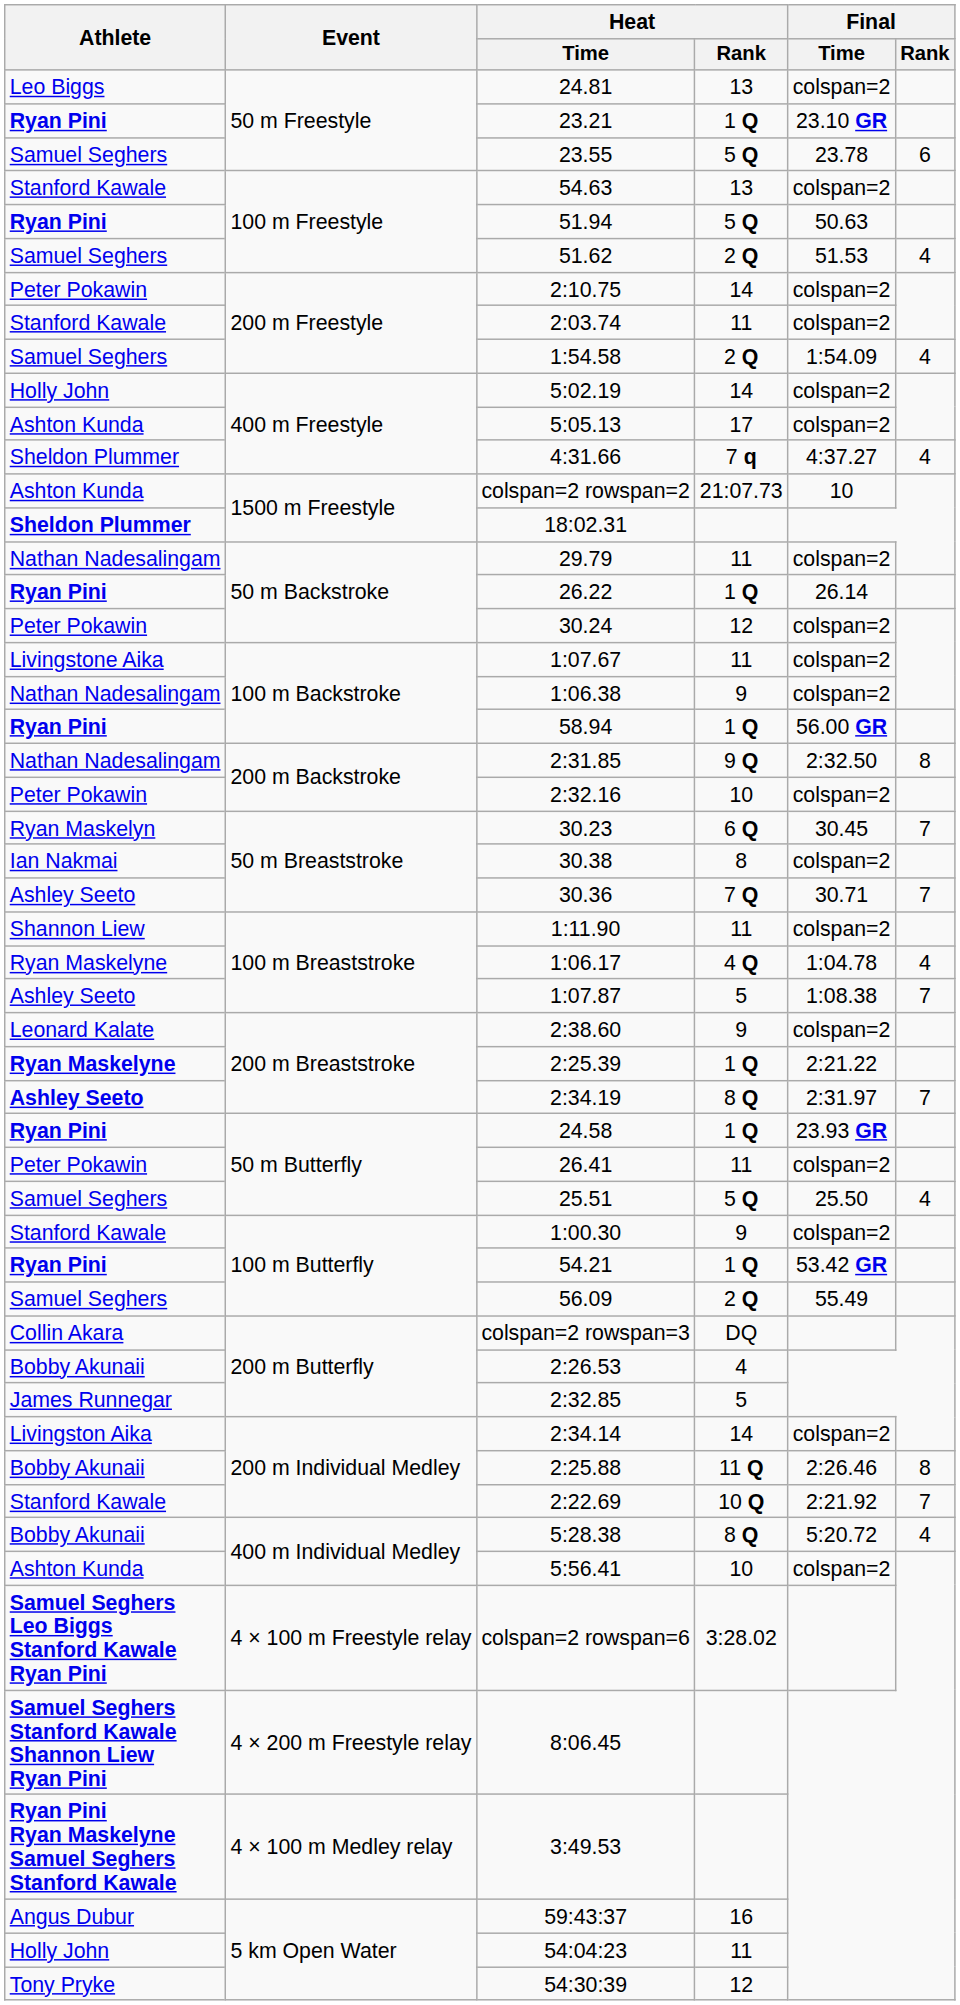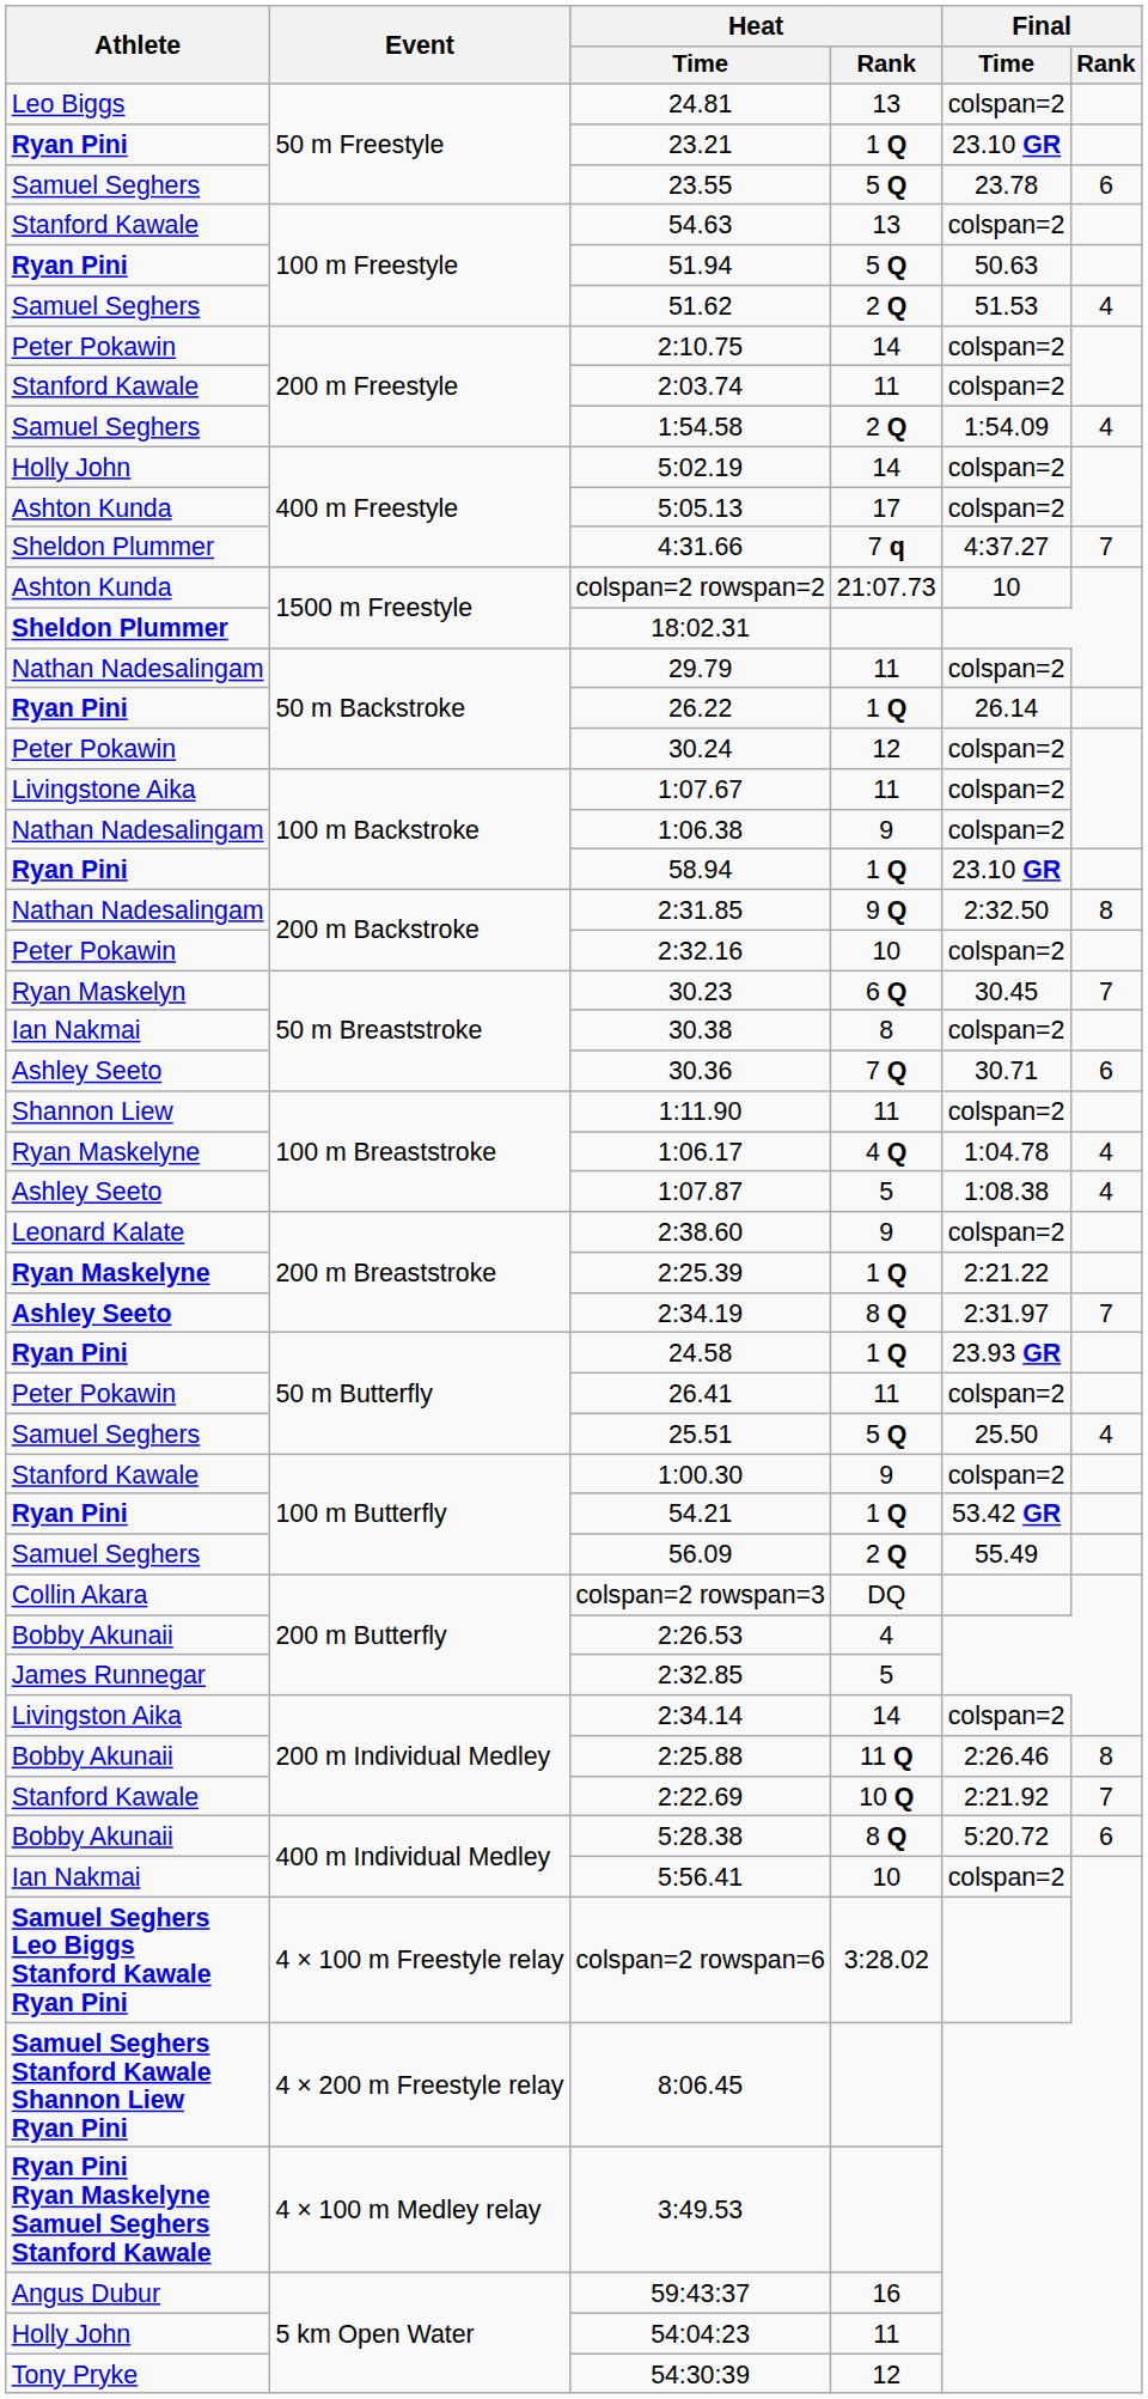 <table class=wikitable style=font-size:90%>
 <tr>
 <th rowspan=2>Athlete</th>
 <th rowspan=2>Event</th>
 <th colspan=2>Heat</th>
 <th colspan=2>Final</th>
 </tr>
 <tr style=font-size:95%>
 <th>Time</th>
 <th>Rank</th>
 <th>Time</th>
 <th>Rank</th>
 </tr>
 <tr align=center>
 <td align=left><a href='#'>Leo Biggs</a></td>
 <td align=left rowspan=3>50 m Freestyle</td>
 <td>24.81</td>
 <td>13</td>
 <td>colspan=2 </td>
 </tr>
 <tr align=center>
 <td align=left><strong><a href='#'>Ryan Pini</a></strong></td>
 <td>23.21</td>
 <td>1 <strong>Q</strong></td>
 <td>23.10 <strong><a href='#'>GR</a></strong></td>
 <td></td>
 </tr>
 <tr align=center>
 <td align=left><a href='#'>Samuel Seghers</a></td>
 <td>23.55</td>
 <td>5 <strong>Q</strong></td>
 <td>23.78</td>
 <td>6</td>
 </tr>
 <tr align=center>
 <td align=left><a href='#'>Stanford Kawale</a></td>
 <td align=left rowspan=3>100 m Freestyle</td>
 <td>54.63</td>
 <td>13</td>
 <td>colspan=2 </td>
 </tr>
 <tr align=center>
 <td align=left><strong><a href='#'>Ryan Pini</a></strong></td>
 <td>51.94</td>
 <td>5 <strong>Q</strong></td>
 <td>50.63</td>
 <td></td>
 </tr>
 <tr align=center>
 <td align=left><a href='#'>Samuel Seghers</a></td>
 <td>51.62</td>
 <td>2 <strong>Q</strong></td>
 <td>51.53</td>
 <td>4</td>
 </tr>
 <tr align=center>
 <td align=left><a href='#'>Peter Pokawin</a></td>
 <td align=left rowspan=3>200 m Freestyle</td>
 <td>2:10.75</td>
 <td>14</td>
 <td>colspan=2 </td>
 </tr>
 <tr align=center>
 <td align=left><a href='#'>Stanford Kawale</a></td>
 <td>2:03.74</td>
 <td>11</td>
 <td>colspan=2 </td>
 </tr>
 <tr align=center>
 <td align=left><a href='#'>Samuel Seghers</a></td>
 <td>1:54.58</td>
 <td>2 <strong>Q</strong></td>
 <td>1:54.09</td>
 <td>4</td>
 </tr>
 <tr align=center>
 <td align=left><a href='#'>Holly John</a></td>
 <td align=left rowspan=3>400 m Freestyle</td>
 <td>5:02.19</td>
 <td>14</td>
 <td>colspan=2 </td>
 </tr>
 <tr align=center>
 <td align=left><a href='#'>Ashton Kunda</a></td>
 <td>5:05.13</td>
 <td>17</td>
 <td>colspan=2 </td>
 </tr>
 <tr align=center>
 <td align=left><a href='#'>Sheldon Plummer</a></td>
 <td>4:31.66</td>
 <td>7 <strong>q</strong></td>
 <td>4:37.27</td>
-<td>4</td>
+<td>7</td>
 </tr>
 <tr align=center>
 <td align=left><a href='#'>Ashton Kunda</a></td>
 <td align=left rowspan=2>1500 m Freestyle</td>
 <td>colspan=2 rowspan=2 </td>
 <td>21:07.73</td>
 <td>10</td>
 </tr>
 <tr align=center>
 <td align=left><strong><a href='#'>Sheldon Plummer</a></strong></td>
 <td>18:02.31</td>
 <td></td>
 </tr>
 <tr align=center>
 <td align=left><a href='#'>Nathan Nadesalingam</a></td>
 <td align=left rowspan=3>50 m Backstroke</td>
 <td>29.79</td>
 <td>11</td>
 <td>colspan=2 </td>
 </tr>
 <tr align=center>
 <td align=left><strong><a href='#'>Ryan Pini</a></strong></td>
 <td>26.22</td>
 <td>1 <strong>Q</strong></td>
 <td>26.14</td>
 <td></td>
 </tr>
 <tr align=center>
 <td align=left><a href='#'>Peter Pokawin</a></td>
 <td>30.24</td>
 <td>12</td>
 <td>colspan=2 </td>
 </tr>
 <tr align=center>
 <td align=left><a href='#'>Livingstone Aika</a></td>
 <td align=left rowspan=3>100 m Backstroke</td>
 <td>1:07.67</td>
 <td>11</td>
 <td>colspan=2 </td>
 </tr>
 <tr align=center>
 <td align=left><a href='#'>Nathan Nadesalingam</a></td>
 <td>1:06.38</td>
 <td>9</td>
 <td>colspan=2 </td>
 </tr>
 <tr align=center>
 <td align=left><strong><a href='#'>Ryan Pini</a></strong></td>
 <td>58.94</td>
 <td>1 <strong>Q</strong></td>
-<td>56.00 <strong><a href='#'>GR</a></strong></td>
+<td>23.10 <strong><a href='#'>GR</a></strong></td>
 <td></td>
 </tr>
 <tr align=center>
 <td align=left><a href='#'>Nathan Nadesalingam</a></td>
 <td align=left rowspan=2>200 m Backstroke</td>
 <td>2:31.85</td>
 <td>9 <strong>Q</strong></td>
 <td>2:32.50</td>
 <td>8</td>
 </tr>
 <tr align=center>
 <td align=left><a href='#'>Peter Pokawin</a></td>
 <td>2:32.16</td>
 <td>10</td>
 <td>colspan=2 </td>
 </tr>
 <tr align=center>
 <td align=left><a href='#'>Ryan Maskelyn</a></td>
 <td align=left rowspan=3>50 m Breaststroke</td>
 <td>30.23</td>
 <td>6 <strong>Q</strong></td>
 <td>30.45</td>
 <td>7</td>
 </tr>
 <tr align=center>
 <td align=left><a href='#'>Ian Nakmai</a></td>
 <td>30.38</td>
 <td>8</td>
 <td>colspan=2 </td>
 </tr>
 <tr align=center>
 <td align=left><a href='#'>Ashley Seeto</a></td>
 <td>30.36</td>
 <td>7 <strong>Q</strong></td>
 <td>30.71</td>
-<td>7</td>
+<td>6</td>
 </tr>
 <tr align=center>
 <td align=left><a href='#'>Shannon Liew</a></td>
 <td align=left rowspan=3>100 m Breaststroke</td>
 <td>1:11.90</td>
 <td>11</td>
 <td>colspan=2 </td>
 </tr>
 <tr align=center>
 <td align=left><a href='#'>Ryan Maskelyne</a></td>
 <td>1:06.17</td>
 <td>4 <strong>Q</strong></td>
 <td>1:04.78</td>
 <td>4</td>
 </tr>
 <tr align=center>
 <td align=left><a href='#'>Ashley Seeto</a></td>
 <td>1:07.87</td>
 <td>5</td>
 <td>1:08.38</td>
-<td>7</td>
+<td>4</td>
 </tr>
 <tr align=center>
 <td align=left><a href='#'>Leonard Kalate</a></td>
 <td align=left rowspan=3>200 m Breaststroke</td>
 <td>2:38.60</td>
 <td>9</td>
 <td>colspan=2 </td>
 </tr>
 <tr align=center>
 <td align=left><strong><a href='#'>Ryan Maskelyne</a></strong></td>
 <td>2:25.39</td>
 <td>1 <strong>Q</strong></td>
 <td>2:21.22</td>
 <td></td>
 </tr>
 <tr align=center>
 <td align=left><strong><a href='#'>Ashley Seeto</a></strong></td>
 <td>2:34.19</td>
 <td>8 <strong>Q</strong></td>
 <td>2:31.97</td>
 <td>7</td>
 </tr>
 <tr align=center>
 <td align=left><strong><a href='#'>Ryan Pini</a></strong></td>
 <td align=left rowspan=3>50 m Butterfly</td>
 <td>24.58</td>
 <td>1 <strong>Q</strong></td>
 <td>23.93 <strong><a href='#'>GR</a></strong></td>
 <td></td>
 </tr>
 <tr align=center>
 <td align=left><a href='#'>Peter Pokawin</a></td>
 <td>26.41</td>
 <td>11</td>
 <td>colspan=2 </td>
 </tr>
 <tr align=center>
 <td align=left><a href='#'>Samuel Seghers</a></td>
 <td>25.51</td>
 <td>5 <strong>Q</strong></td>
 <td>25.50</td>
 <td>4</td>
 </tr>
 <tr align=center>
 <td align=left><a href='#'>Stanford Kawale</a></td>
 <td align=left rowspan=3>100 m Butterfly</td>
 <td>1:00.30</td>
 <td>9</td>
 <td>colspan=2 </td>
 </tr>
 <tr align=center>
 <td align=left><strong><a href='#'>Ryan Pini</a></strong></td>
 <td>54.21</td>
 <td>1 <strong>Q</strong></td>
 <td>53.42 <strong><a href='#'>GR</a></strong></td>
 <td></td>
 </tr>
 <tr align=center>
 <td align=left><a href='#'>Samuel Seghers</a></td>
 <td>56.09</td>
 <td>2 <strong>Q</strong></td>
 <td>55.49</td>
 <td></td>
 </tr>
 <tr align=center>
 <td align=left><a href='#'>Collin Akara</a></td>
 <td align=left rowspan=3>200 m Butterfly</td>
 <td>colspan=2 rowspan=3 </td>
 <td>DQ</td>
 <td></td>
 </tr>
 <tr align=center>
 <td align=left><a href='#'>Bobby Akunaii</a></td>
 <td>2:26.53</td>
 <td>4</td>
 </tr>
 <tr align=center>
 <td align=left><a href='#'>James Runnegar</a></td>
 <td>2:32.85</td>
 <td>5</td>
 </tr>
 <tr align=center>
 <td align=left><a href='#'>Livingston Aika</a></td>
 <td align=left rowspan=3>200 m Individual Medley</td>
 <td>2:34.14</td>
 <td>14</td>
 <td>colspan=2 </td>
 </tr>
 <tr align=center>
 <td align=left><a href='#'>Bobby Akunaii</a></td>
 <td>2:25.88</td>
 <td>11 <strong>Q</strong></td>
 <td>2:26.46</td>
 <td>8</td>
 </tr>
 <tr align=center>
 <td align=left><a href='#'>Stanford Kawale</a></td>
 <td>2:22.69</td>
 <td>10 <strong>Q</strong></td>
 <td>2:21.92</td>
 <td>7</td>
 </tr>
 <tr align=center>
 <td align=left><a href='#'>Bobby Akunaii</a></td>
 <td align=left rowspan=2>400 m Individual Medley</td>
 <td>5:28.38</td>
 <td>8 <strong>Q</strong></td>
 <td>5:20.72</td>
-<td>4</td>
+<td>6</td>
 </tr>
 <tr align=center>
-<td align=left><a href='#'>Ashton Kunda</a></td>
+<td align=left><a href='#'>Ian Nakmai</a></td>
 <td>5:56.41</td>
 <td>10</td>
 <td>colspan=2 </td>
 </tr>
 <tr align=center>
 <td align=left><strong><a href='#'>Samuel Seghers</a><br><a href='#'>Leo Biggs</a><br><a href='#'>Stanford Kawale</a><br><a href='#'>Ryan Pini</a></strong></td>
 <td align=left>4 × 100 m Freestyle relay</td>
 <td>colspan=2 rowspan=6 </td>
 <td>3:28.02</td>
 <td></td>
 </tr>
 <tr align=center>
 <td align=left><strong><a href='#'>Samuel Seghers</a><br><a href='#'>Stanford Kawale</a><br><a href='#'>Shannon Liew</a><br><a href='#'>Ryan Pini</a></strong></td>
 <td align=left>4 × 200 m Freestyle relay</td>
 <td>8:06.45</td>
 <td></td>
 </tr>
 <tr align=center>
 <td align=left><strong><a href='#'>Ryan Pini</a><br><a href='#'>Ryan Maskelyne</a><br><a href='#'>Samuel Seghers</a><br><a href='#'>Stanford Kawale</a></strong></td>
 <td align=left>4 × 100 m Medley relay</td>
 <td>3:49.53</td>
 <td></td>
 </tr>
 <tr align=center>
 <td align=left><a href='#'>Angus Dubur</a></td>
 <td align=left rowspan=3>5 km Open Water</td>
 <td>59:43:37</td>
 <td>16</td>
 </tr>
 <tr align=center>
 <td align=left><a href='#'>Holly John</a></td>
 <td>54:04:23</td>
 <td>11</td>
 </tr>
 <tr align=center>
 <td align=left><a href='#'>Tony Pryke</a></td>
 <td>54:30:39</td>
 <td>12</td>
 </tr>
 </table>
